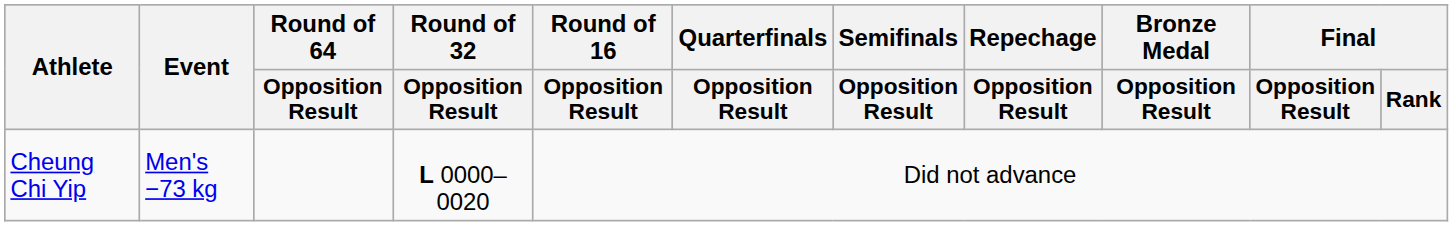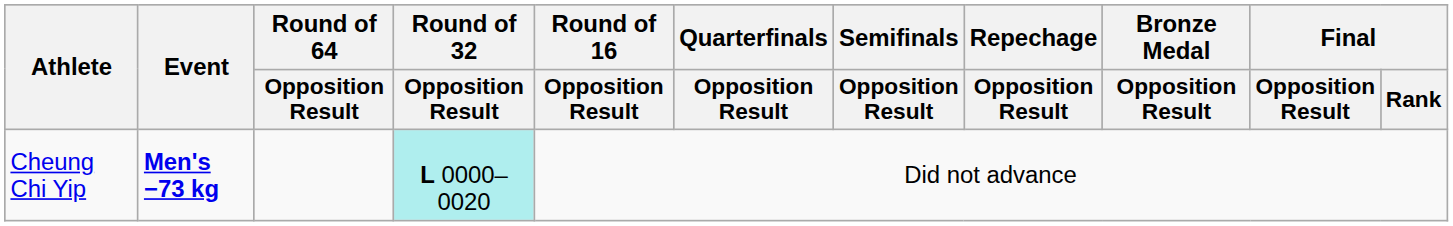 <table class="wikitable" style="font-size:90%">
 <tr>
 <th rowspan=2>Athlete</th>
 <th rowspan=2>Event</th>
 <th>Round of 64</th>
 <th>Round of 32</th>
 <th>Round of 16</th>
 <th>Quarterfinals</th>
 <th>Semifinals</th>
 <th>Repechage</th>
 <th>Bronze Medal</th>
 <th colspan=2>Final</th>
 </tr>
 <tr style="font-size:95%">
 <th>Opposition<br>Result</th>
 <th>Opposition<br>Result</th>
 <th>Opposition<br>Result</th>
 <th>Opposition<br>Result</th>
 <th>Opposition<br>Result</th>
 <th>Opposition<br>Result</th>
 <th>Opposition<br>Result</th>
 <th>Opposition<br>Result</th>
 <th>Rank</th>
 </tr>
 <tr align=center>
 <td align=left><a href='#'>Cheung Chi Yip</a></td>
-<td align=left><a href='#'>Men's −73 kg</a></td>
+<td align=left><strong><a href='#'>Men's −73 kg</a></strong></td>
 <td></td>
-<td><br><strong>L</strong> 0000–0020</td>
+<td style="background: paleturquoise;"><br><strong>L</strong> 0000–0020</td>
 <td colspan=7>Did not advance</td>
 </tr>
 </table>
